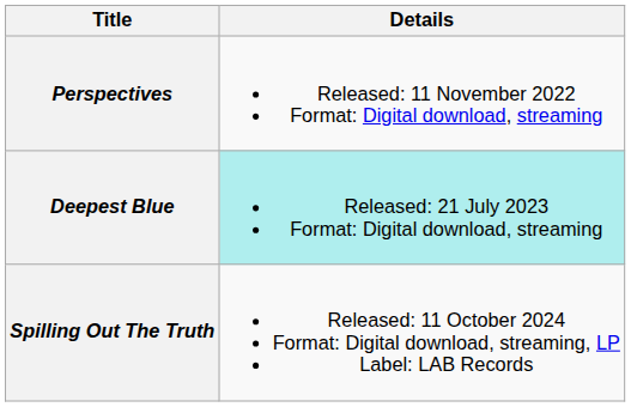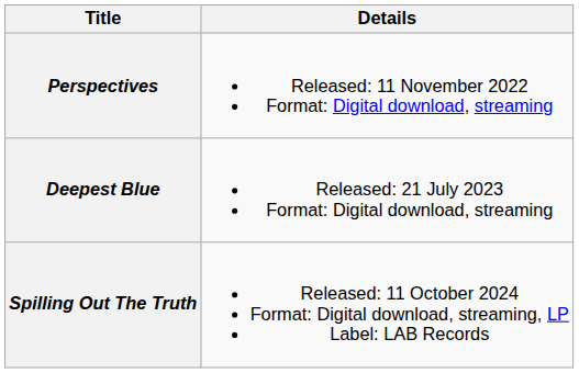 <table class="wikitable plainrowheaders" style="text-align:center;" border="1">
 <tr>
 <th>Title</th>
 <th>Details</th>
 </tr>
 <tr>
 <th scope="row"><em>Perspectives</em></th>
 <td><br><ul><li>Released: 11 November 2022</li><li>Format: <a href='#'>Digital download</a>, <a href='#'>streaming</a></li></ul></td>
 </tr>
 <tr>
 <th scope="row"><em>Deepest Blue</em></th>
-<td style="background: paleturquoise;"><br><ul><li>Released: 21 July 2023</li><li>Format: Digital download, streaming</li></ul></td>
+<td><br><ul><li>Released: 21 July 2023</li><li>Format: Digital download, streaming</li></ul></td>
 </tr>
 <tr>
 <th scope="row"><em>Spilling Out The Truth</em></th>
 <td><br><ul><li>Released: 11 October 2024</li><li>Format: Digital download, streaming, <a href='#'>LP</a></li><li>Label: LAB Records</li></ul></td>
 </tr>
 </table>
